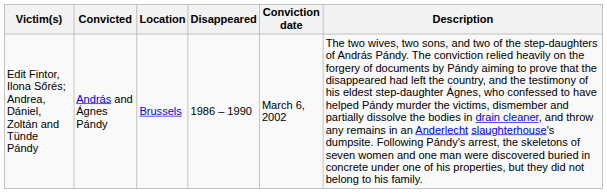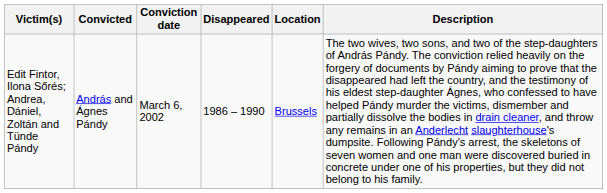 <table class="wikitable sortable">
 <tr>
 <th scope="col">Victim(s)</th>
 <th scope="col">Convicted</th>
+<th scope="col">Conviction date</th>
+<th scope="col">Disappeared</th>
 <th scope="col">Location</th>
-<th scope="col">Disappeared</th>
-<th scope="col">Conviction date</th>
 <th scope="col">Description</th>
 </tr>
 <tr>
 <td>Edit Fintor, Ilona Sőrés; Andrea, Dániel, Zoltán and Tünde Pándy</td>
 <td><a href='#'>András</a> and Ágnes Pándy</td>
+<td>March 6, 2002</td>
+<td>1986 – 1990</td>
 <td><a href='#'>Brussels</a></td>
-<td>1986 – 1990</td>
-<td>March 6, 2002</td>
 <td>The two wives, two sons, and two of the step-daughters of András Pándy. The conviction relied heavily on the forgery of documents by Pándy aiming to prove that the disappeared had left the country, and the testimony of his eldest step-daughter Ágnes, who confessed to have helped Pándy murder the victims, dismember and partially dissolve the bodies in <a href='#'>drain cleaner</a>, and throw any remains in an <a href='#'>Anderlecht</a> <a href='#'>slaughterhouse</a>'s dumpsite. Following Pándy's arrest, the skeletons of seven women and one man were discovered buried in concrete under one of his properties, but they did not belong to his family.</td>
 </tr>
 </table>
